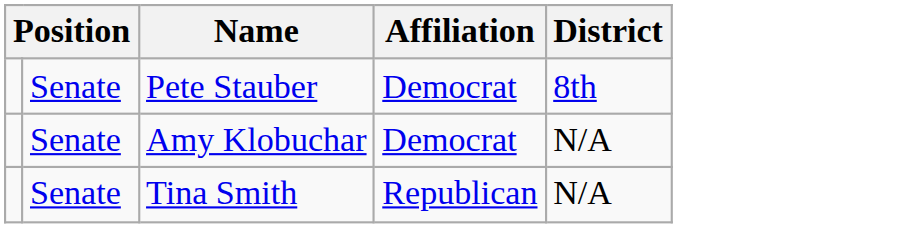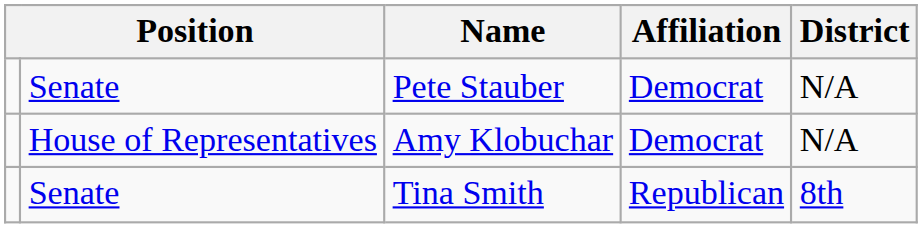 <table class="wikitable">
 <tr>
 <th colspan="2">Position</th>
 <th>Name</th>
 <th>Affiliation</th>
 <th>District</th>
 </tr>
 <tr>
 <td style="background-color:"></td>
 <td><a href='#'>Senate</a></td>
 <td><a href='#'>Pete Stauber</a></td>
 <td><a href='#'>Democrat</a></td>
-<td><a href='#'>8th</a></td>
+<td>N/A</td>
 </tr>
 <tr>
 <td style="background-color:"></td>
-<td><a href='#'>Senate</a></td>
+<td><a href='#'>House of Representatives</a></td>
 <td><a href='#'>Amy Klobuchar</a></td>
 <td><a href='#'>Democrat</a></td>
 <td>N/A</td>
 </tr>
 <tr>
 <td style="background-color:"></td>
 <td><a href='#'>Senate</a></td>
 <td><a href='#'>Tina Smith</a></td>
 <td><a href='#'>Republican</a></td>
-<td>N/A</td>
+<td><a href='#'>8th</a></td>
 </tr>
 </table>
